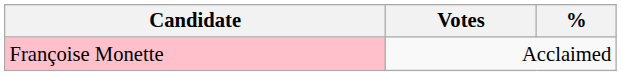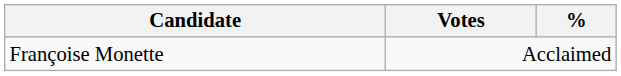 <table style="width:475px;" class="wikitable">
 <tr>
 <th align="center">Candidate</th>
 <th align="center">Votes</th>
 <th align="center">%</th>
 </tr>
 <tr>
-<td align="left" style="background: pink;">Françoise Monette</td>
+<td align="left">Françoise Monette</td>
 <td align="right" colspan="2" align="center">Acclaimed</td>
 </tr>
 </table>
